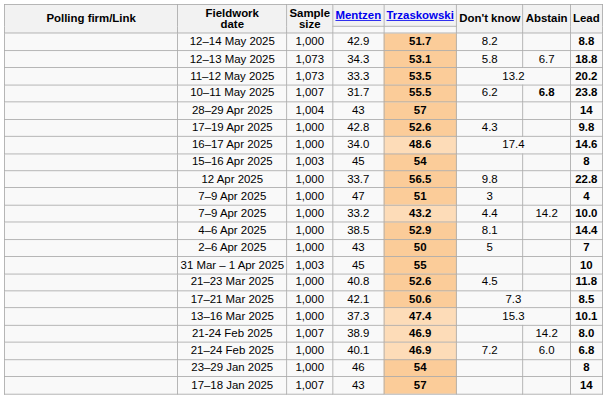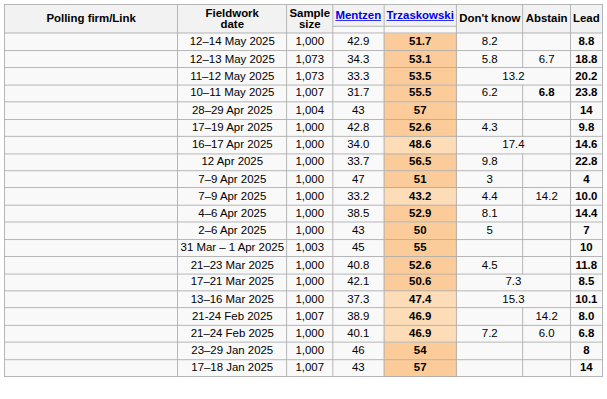 <table class="wikitable" style="text-align:center; font-size:85%; line-height:14px;">
 <tr>
 <th rowspan="2" style="width:200px;">Polling firm/Link</th>
 <th rowspan="2" data-sort-type="date">Fieldwork<br>date</th>
 <th rowspan="2" style="width:20px;">Sample<br>size</th>
 <th><a href='#'>Mentzen</a><br></th>
 <th><a href='#'>Trzaskowski</a><br></th>
 <th rowspan="2">Don't know</th>
 <th rowspan="2">Abstain</th>
 <th rowspan="2">Lead</th>
 </tr>
 <tr>
 <td style="background:"></td>
 <td style="background:"></td>
 </tr>
 <tr>
 <td></td>
 <td data-sort-value="2025-05-14">12–14 May 2025</td>
 <td>1,000</td>
 <td>42.9</td>
 <td style="background:#fbcc99;"><strong>51.7</strong></td>
 <td>8.2</td>
 <td></td>
 <td style="background:"><strong>8.8</strong></td>
 </tr>
 <tr>
 <td></td>
 <td data-sort-value="2025-05-13">12–13 May 2025</td>
 <td>1,073</td>
 <td>34.3</td>
 <td style="background:#fbcc99;"><strong>53.1</strong></td>
 <td>5.8</td>
 <td>6.7</td>
 <td style="background:"><strong>18.8</strong></td>
 </tr>
 <tr>
 <td></td>
 <td data-sort-value="2025-05-12">11–12 May 2025</td>
 <td>1,073</td>
 <td>33.3</td>
 <td style="background:#fbcc99;"><strong>53.5</strong></td>
 <td colspan="2">13.2</td>
 <td style="background:"><strong>20.2</strong></td>
 </tr>
 <tr>
 <td></td>
 <td data-sort-value="2025-05-11">10–11 May 2025</td>
 <td>1,007</td>
 <td>31.7</td>
 <td style="background:#fbcc99;"><strong>55.5</strong></td>
 <td>6.2</td>
 <td><strong>6.8</strong></td>
 <td style="background:"><strong>23.8</strong></td>
 </tr>
 <tr>
 <td></td>
 <td data-sort-value="2025-04-29">28–29 Apr 2025</td>
 <td>1,004</td>
 <td>43</td>
 <td style="background:#fbcc99;"><strong>57</strong></td>
 <td></td>
 <td></td>
 <td style="background:"><strong>14</strong></td>
 </tr>
 <tr>
 <td></td>
 <td data-sort-value="2025-04-19">17–19 Apr 2025</td>
 <td>1,000</td>
 <td>42.8</td>
 <td style="background:#fbcc99;"><strong>52.6</strong></td>
 <td>4.3</td>
 <td></td>
 <td style="background:"><strong>9.8</strong></td>
 </tr>
 <tr>
 <td></td>
 <td data-sort-value="2025-04-17">16–17 Apr 2025</td>
 <td>1,000</td>
 <td>34.0</td>
 <td style="background:#FDDCB8;"><strong>48.6</strong></td>
 <td colspan="2">17.4</td>
 <td style="background:"><strong>14.6</strong></td>
-</tr>
-<tr>
-<td></td>
-<td data-sort-value="2025-04-16">15–16 Apr 2025</td>
-<td>1,003</td>
-<td>45</td>
-<td style="background:#fbcc99;"><strong>54</strong></td>
-<td></td>
-<td></td>
-<td style="background:"><strong>8</strong></td>
 </tr>
 <tr>
 <td></td>
 <td data-sort-value="2025-04-12">12 Apr 2025</td>
 <td>1,000</td>
 <td>33.7</td>
 <td style="background:#fbcc99;"><strong>56.5</strong></td>
 <td>9.8</td>
 <td></td>
 <td style="background:"><strong>22.8</strong></td>
 </tr>
 <tr>
 <td></td>
 <td data-sort-value="2025-04-09;">7–9 Apr 2025</td>
 <td>1,000</td>
 <td>47</td>
 <td style="background:#fbcc99;"><strong>51</strong></td>
 <td>3</td>
 <td></td>
 <td style="background:"><strong>4</strong></td>
 </tr>
 <tr>
 <td></td>
 <td data-sort-value="2025-04-09">7–9 Apr 2025</td>
 <td>1,000</td>
 <td>33.2</td>
 <td style="background:#FDDCB8;"><strong>43.2</strong></td>
 <td>4.4</td>
 <td>14.2</td>
 <td style="background:"><strong>10.0</strong></td>
 </tr>
 <tr>
 <td></td>
 <td data-sort-value="2025-04-06">4–6 Apr 2025</td>
 <td>1,000</td>
 <td>38.5</td>
 <td style="background:#fbcc99;"><strong>52.9</strong></td>
 <td>8.1</td>
 <td></td>
 <td style="background:"><strong>14.4</strong></td>
 </tr>
 <tr>
 <td></td>
 <td data-sort-value="2025-04-06">2–6 Apr 2025</td>
 <td>1,000</td>
 <td>43</td>
 <td style="background:#fbcc99;"><strong>50</strong></td>
 <td>5</td>
 <td></td>
 <td style="background:"><strong>7</strong></td>
 </tr>
 <tr>
 <td></td>
 <td data-sort-value="2025-04-01">31 Mar – 1 Apr 2025</td>
 <td>1,003</td>
 <td>45</td>
 <td style="background:#fbcc99;"><strong>55</strong></td>
 <td></td>
 <td></td>
 <td style="background:"><strong>10</strong></td>
 </tr>
 <tr>
 <td></td>
 <td data-sort-value="2025-03-23">21–23 Mar 2025</td>
 <td>1,000</td>
 <td>40.8</td>
 <td style="background:#fbcc99;"><strong>52.6</strong></td>
 <td>4.5</td>
 <td></td>
 <td style="background:"><strong>11.8</strong></td>
 </tr>
 <tr>
 <td></td>
 <td data-sort-value="2025-03-21">17–21 Mar 2025</td>
 <td>1,000</td>
 <td>42.1</td>
 <td style="background:#fbcc99;"><strong>50.6</strong></td>
 <td colspan="2">7.3</td>
 <td style="background:"><strong>8.5</strong></td>
 </tr>
 <tr>
 <td></td>
 <td data-sort-value="2025-03-16">13–16 Mar 2025</td>
 <td>1,000</td>
 <td>37.3</td>
 <td style="background:#FDDCB8;"><strong>47.4</strong></td>
 <td colspan="2">15.3</td>
 <td style="background:"><strong>10.1</strong></td>
 </tr>
 <tr>
 <td></td>
 <td data-sort-value="2025-02-24">21-24 Feb 2025</td>
 <td>1,007</td>
 <td>38.9</td>
 <td style="background:#FDDCB8;"><strong>46.9</strong></td>
 <td></td>
 <td>14.2</td>
 <td style="background:"><strong>8.0</strong></td>
 </tr>
 <tr>
 <td></td>
 <td data-sort-value="2025-02-24">21–24 Feb 2025</td>
 <td>1,000</td>
 <td>40.1</td>
 <td style="background:#FDDCB8;"><strong>46.9</strong></td>
 <td>7.2</td>
 <td>6.0</td>
 <td style="background:"><strong>6.8</strong></td>
 </tr>
 <tr>
 <td></td>
 <td data-sort-value="2025-01-29">23–29 Jan 2025</td>
 <td>1,000</td>
 <td>46</td>
 <td style="background:#fbcc99;"><strong>54</strong></td>
 <td></td>
 <td></td>
 <td style="background:"><strong>8</strong></td>
 </tr>
 <tr>
 <td></td>
 <td data-sort-value="2025-01-18">17–18 Jan 2025</td>
 <td>1,007</td>
 <td>43</td>
 <td style="background:#fbcc99;"><strong>57</strong></td>
 <td></td>
 <td></td>
 <td style="background:"><strong>14</strong></td>
 </tr>
 </table>
